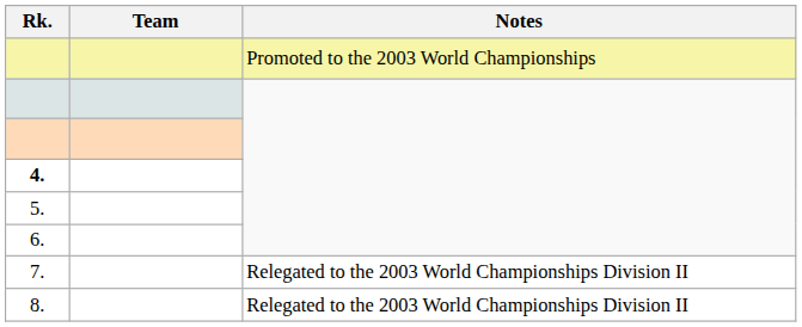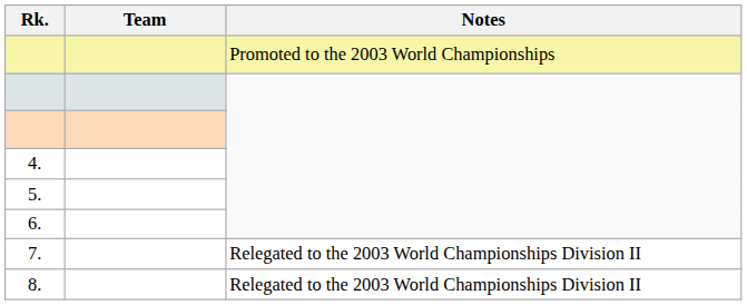 <table class="wikitable" style="border:1px solid #AAAAAA;font-size:90%">
 <tr bgcolor="#E4E4E4">
 <th style="border-bottom:1px solid #AAAAAA" width=40>Rk.</th>
 <th style="border-bottom:1px solid #AAAAAA" width=120>Team</th>
 <th style="border-bottom:1px solid #AAAAAA" width=400>Notes</th>
 </tr>
 <tr bgcolor="#F7F6A8">
 <td align="center" style="height:23px"></td>
 <td><strong></strong></td>
 <td>Promoted to the 2003 World Championships</td>
 </tr>
 <tr bgcolor="#DCE5E5">
 <td align="center" style="height:23px"></td>
 <td></td>
 </tr>
 <tr bgcolor="#FFDAB9">
 <td align="center" style="height:23px"></td>
 <td></td>
 </tr>
 <tr style="background:#ffffff;">
-<td align="center"><strong>4.</strong></td>
+<td align="center">4.</td>
 <td></td>
 </tr>
 <tr style="background:#ffffff;">
 <td align="center">5.</td>
 <td></td>
 </tr>
 <tr style="background:#ffffff;">
 <td align="center">6.</td>
 <td></td>
 </tr>
 <tr style="background:#ffffff;">
 <td align="center">7.</td>
 <td></td>
 <td>Relegated to the 2003 World Championships Division II</td>
 </tr>
 <tr style="background:#ffffff;">
 <td align="center">8.</td>
 <td></td>
 <td>Relegated to the 2003 World Championships Division II</td>
 </tr>
 </table>
